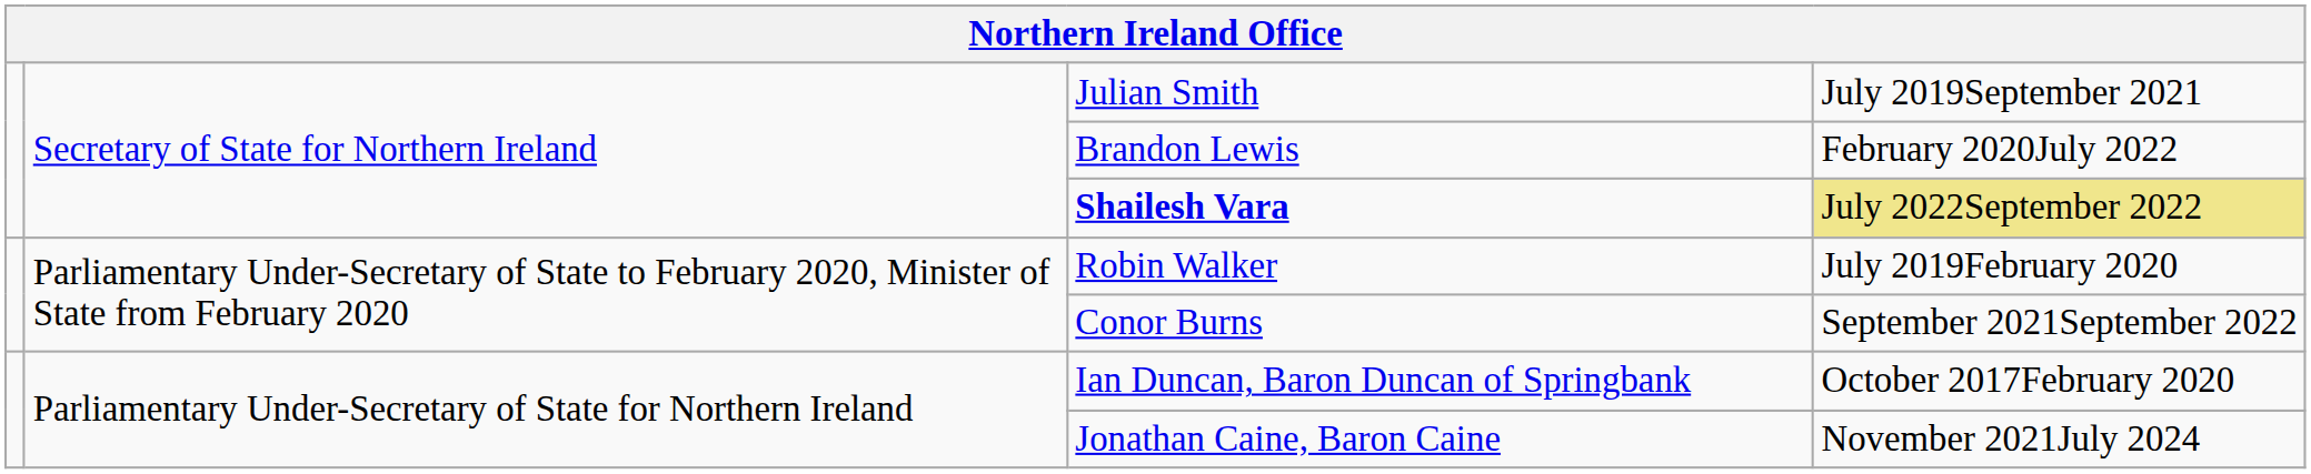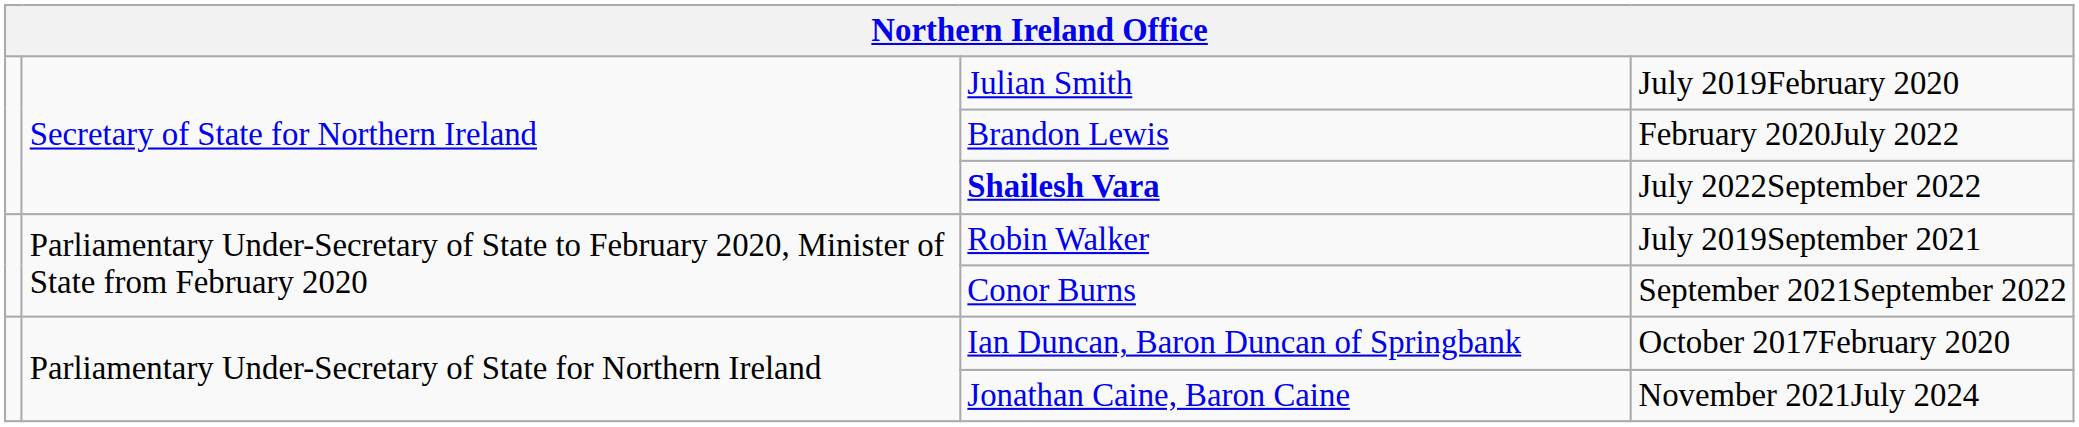 <table class="wikitable">
 <tr>
 <th colspan="4"><a href='#'>Northern Ireland Office</a></th>
 </tr>
 <tr>
 <td rowspan=3 style="width: 1px; background: "></td>
 <td rowspan=3 style="width: 450px;"><a href='#'>Secretary of State for Northern Ireland</a></td>
 <td style="width: 320px;"><a href='#'>Julian Smith</a></td>
-<td>July 2019September 2021</td>
+<td>July 2019February 2020</td>
 </tr>
 <tr>
 <td><a href='#'>Brandon Lewis</a></td>
 <td>February 2020July 2022</td>
 </tr>
 <tr>
 <td><strong><a href='#'>Shailesh Vara</a></strong></td>
-<td style="background: khaki;">July 2022September 2022</td>
+<td>July 2022September 2022</td>
 </tr>
 <tr>
 <td rowspan="2" style="width: 1px; background: "></td>
 <td rowspan="2">Parliamentary Under-Secretary of State to February 2020, Minister of State from February 2020</td>
 <td><a href='#'>Robin Walker</a></td>
-<td>July 2019February 2020</td>
+<td>July 2019September 2021</td>
 </tr>
 <tr>
 <td> <a href='#'>Conor Burns</a></td>
 <td>September 2021September 2022</td>
 </tr>
 <tr>
 <td rowspan="2" style="width: 1px; background: "></td>
 <td rowspan="2">Parliamentary Under-Secretary of State for Northern Ireland</td>
 <td><a href='#'>Ian Duncan, Baron Duncan of Springbank</a> <br></td>
 <td>October 2017February 2020</td>
 </tr>
 <tr>
 <td><a href='#'>Jonathan Caine, Baron Caine</a> </td>
 <td>November 2021July 2024</td>
 </tr>
 </table>
